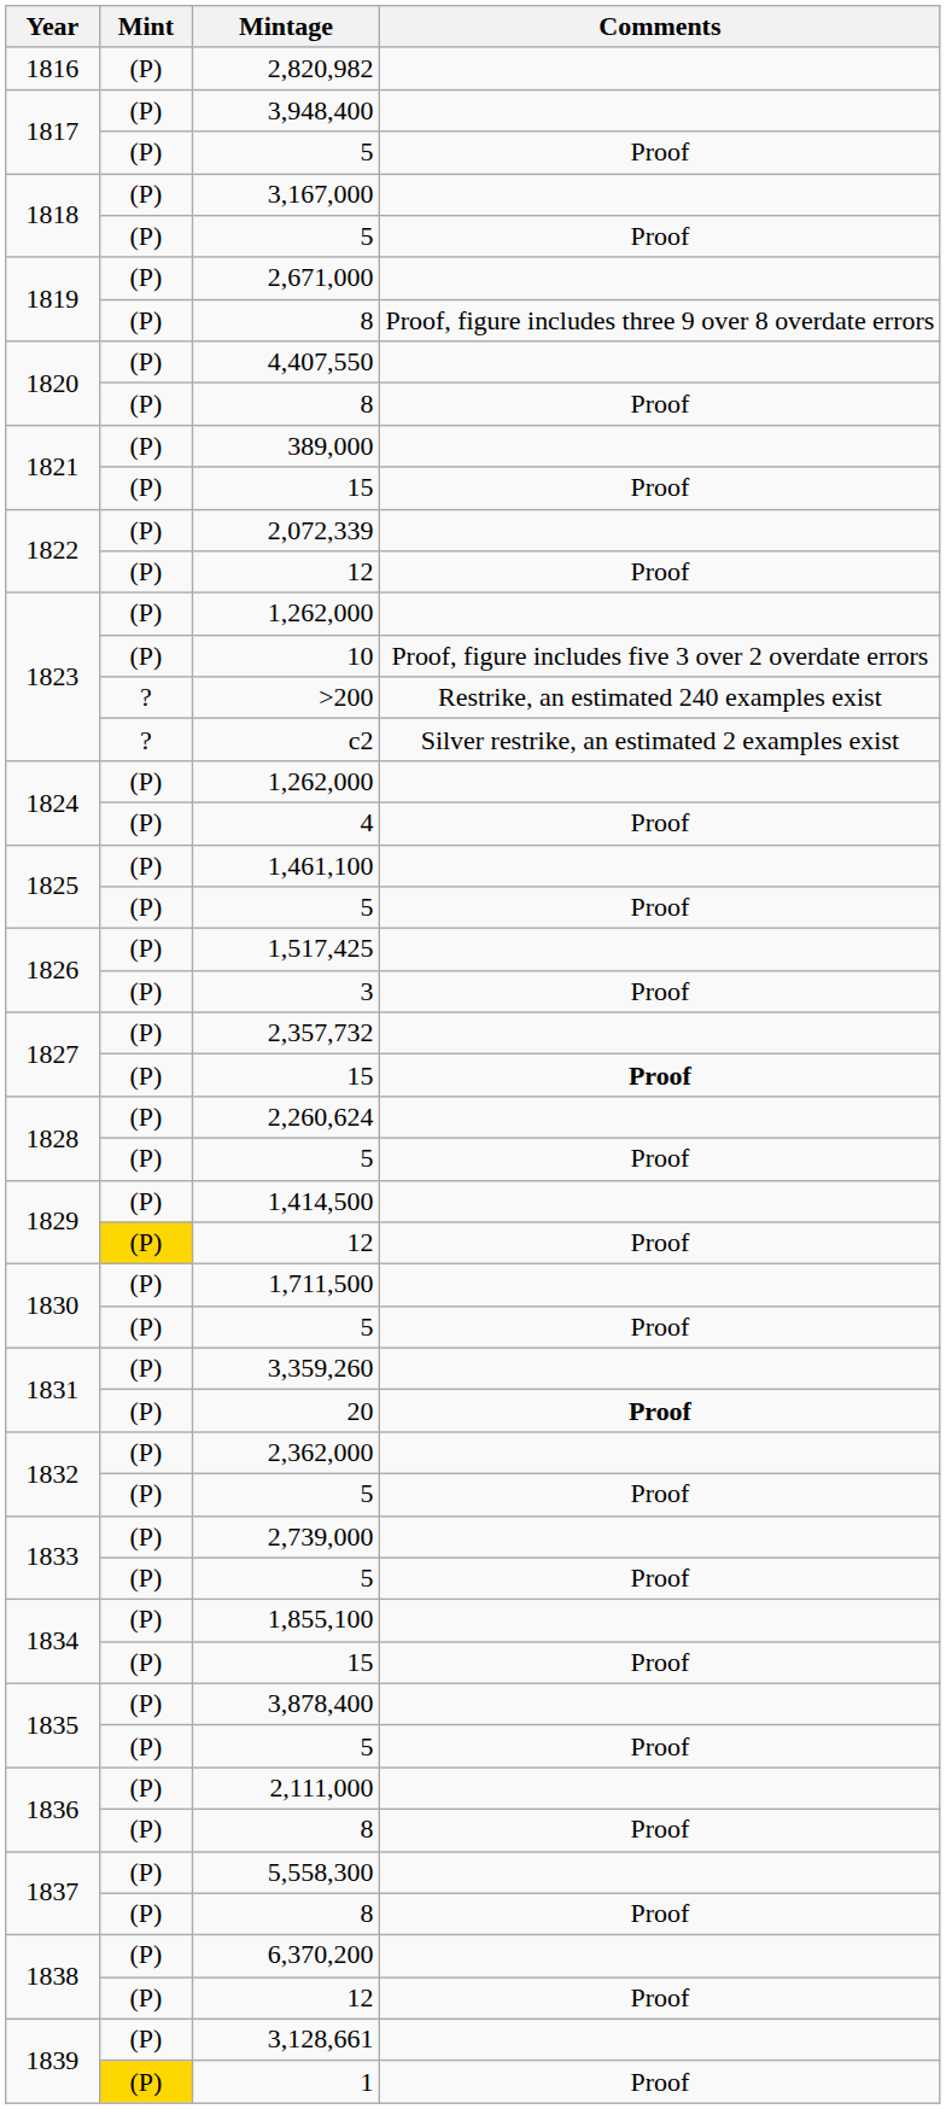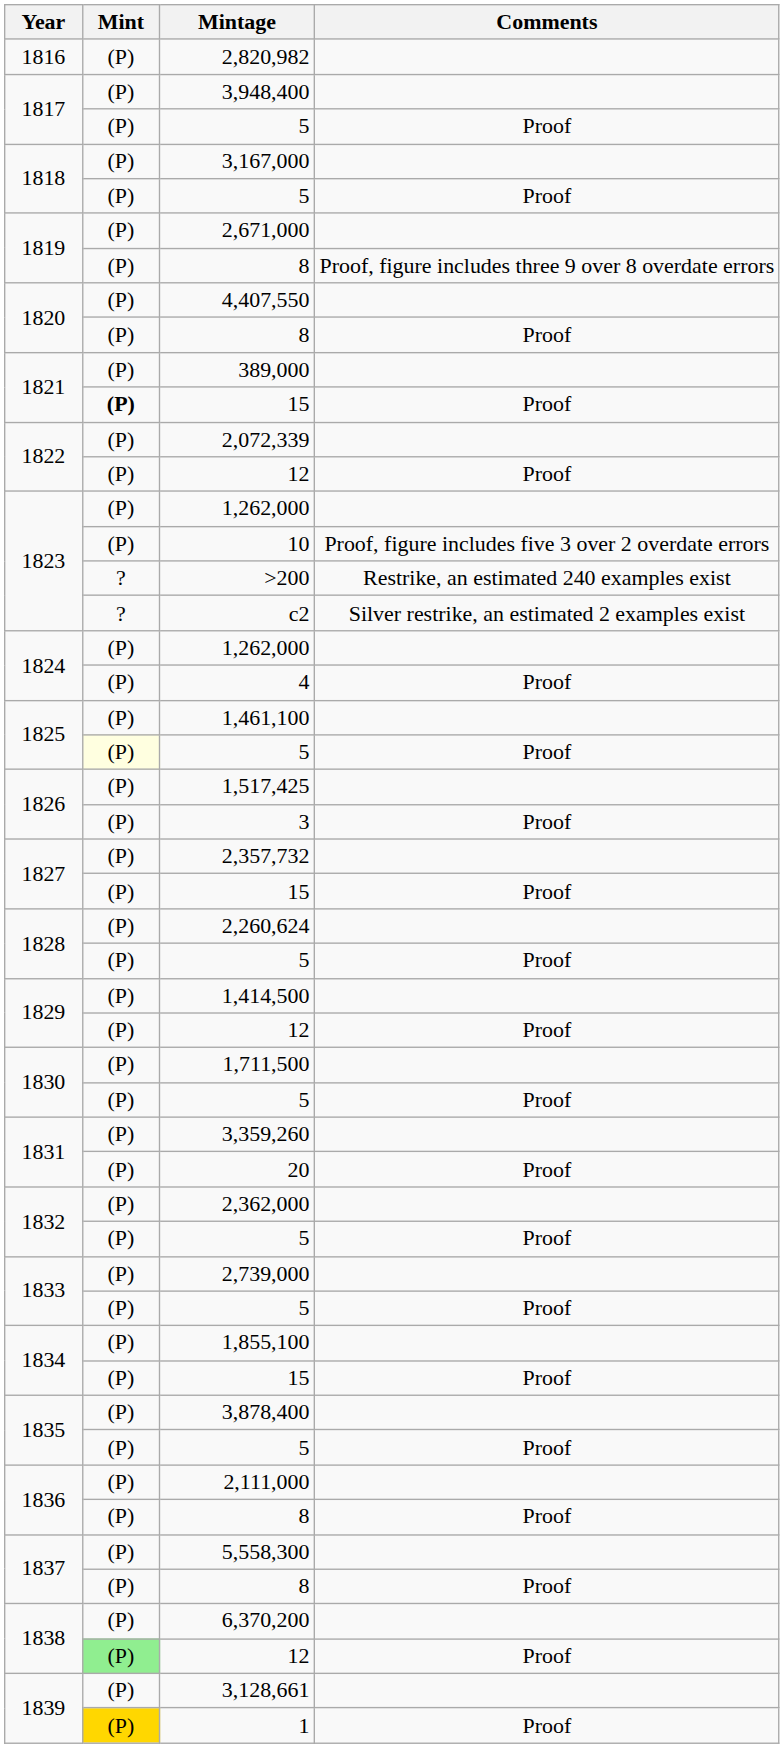 <table class="wikitable sortable" style="min-width:65%; text-align:center;">
 <tr>
 <th width="10%">Year</th>
 <th width="10%">Mint</th>
 <th width="20%">Mintage</th>
 <th width="60%">Comments</th>
 </tr>
 <tr>
 <td>1816</td>
 <td>(P)</td>
 <td align="right">2,820,982</td>
 <td></td>
 </tr>
 <tr>
 <td rowspan="2">1817</td>
 <td>(P)</td>
 <td align="right">3,948,400</td>
 <td></td>
 </tr>
 <tr>
 <td>(P)</td>
 <td align="right">5</td>
 <td>Proof</td>
 </tr>
 <tr>
 <td rowspan="2">1818</td>
 <td>(P)</td>
 <td align="right">3,167,000</td>
 <td></td>
 </tr>
 <tr>
 <td>(P)</td>
 <td align="right">5</td>
 <td>Proof</td>
 </tr>
 <tr>
 <td rowspan="2">1819</td>
 <td>(P)</td>
 <td align="right">2,671,000</td>
 <td></td>
 </tr>
 <tr>
 <td>(P)</td>
 <td align="right">8</td>
 <td>Proof, figure includes three 9 over 8 overdate errors</td>
 </tr>
 <tr>
 <td rowspan="2">1820</td>
 <td>(P)</td>
 <td align="right">4,407,550</td>
 <td></td>
 </tr>
 <tr>
 <td>(P)</td>
 <td align="right">8</td>
 <td>Proof</td>
 </tr>
 <tr>
 <td rowspan="2">1821</td>
 <td>(P)</td>
 <td align="right">389,000</td>
 <td></td>
 </tr>
 <tr>
-<td>(P)</td>
+<td><strong>(P)</strong></td>
 <td align="right">15</td>
 <td>Proof</td>
 </tr>
 <tr>
 <td rowspan="2">1822</td>
 <td>(P)</td>
 <td align="right">2,072,339</td>
 <td></td>
 </tr>
 <tr>
 <td>(P)</td>
 <td align="right">12</td>
 <td>Proof</td>
 </tr>
 <tr>
 <td rowspan="4">1823</td>
 <td>(P)</td>
 <td align="right">1,262,000</td>
 <td></td>
 </tr>
 <tr>
 <td>(P)</td>
 <td align="right">10</td>
 <td>Proof, figure includes five 3 over 2 overdate errors</td>
 </tr>
 <tr>
 <td>?</td>
 <td align="right">>200</td>
 <td>Restrike, an estimated 240 examples exist</td>
 </tr>
 <tr>
 <td>?</td>
 <td align="right">c2</td>
 <td>Silver restrike, an estimated 2 examples exist</td>
 </tr>
 <tr>
 <td rowspan="2">1824</td>
 <td>(P)</td>
 <td align="right">1,262,000</td>
 <td></td>
 </tr>
 <tr>
 <td>(P)</td>
 <td align="right">4</td>
 <td>Proof</td>
 </tr>
 <tr>
 <td rowspan="2">1825</td>
 <td>(P)</td>
 <td align="right">1,461,100</td>
 <td></td>
 </tr>
 <tr>
-<td>(P)</td>
+<td style="background: lightyellow;">(P)</td>
 <td align="right">5</td>
 <td>Proof</td>
 </tr>
 <tr>
 <td rowspan="2">1826</td>
 <td>(P)</td>
 <td align="right">1,517,425</td>
 <td></td>
 </tr>
 <tr>
 <td>(P)</td>
 <td align="right">3</td>
 <td>Proof</td>
 </tr>
 <tr>
 <td rowspan="2">1827</td>
 <td>(P)</td>
 <td align="right">2,357,732</td>
 <td></td>
 </tr>
 <tr>
 <td>(P)</td>
 <td align="right">15</td>
-<td><strong>Proof</strong></td>
+<td>Proof</td>
 </tr>
 <tr>
 <td rowspan="2">1828</td>
 <td>(P)</td>
 <td align="right">2,260,624</td>
 <td></td>
 </tr>
 <tr>
 <td>(P)</td>
 <td align="right">5</td>
 <td>Proof</td>
 </tr>
 <tr>
 <td rowspan="2">1829</td>
 <td>(P)</td>
 <td align="right">1,414,500</td>
 <td></td>
 </tr>
 <tr>
-<td style="background: gold;">(P)</td>
+<td>(P)</td>
 <td align="right">12</td>
 <td>Proof</td>
 </tr>
 <tr>
 <td rowspan="2">1830</td>
 <td>(P)</td>
 <td align="right">1,711,500</td>
 <td></td>
 </tr>
 <tr>
 <td>(P)</td>
 <td align="right">5</td>
 <td>Proof</td>
 </tr>
 <tr>
 <td rowspan="2">1831</td>
 <td>(P)</td>
 <td align="right">3,359,260</td>
 <td></td>
 </tr>
 <tr>
 <td>(P)</td>
 <td align="right">20</td>
-<td><strong>Proof</strong></td>
+<td>Proof</td>
 </tr>
 <tr>
 <td rowspan="2">1832</td>
 <td>(P)</td>
 <td align="right">2,362,000</td>
 <td></td>
 </tr>
 <tr>
 <td>(P)</td>
 <td align="right">5</td>
 <td>Proof</td>
 </tr>
 <tr>
 <td rowspan="2">1833</td>
 <td>(P)</td>
 <td align="right">2,739,000</td>
 <td></td>
 </tr>
 <tr>
 <td>(P)</td>
 <td align="right">5</td>
 <td>Proof</td>
 </tr>
 <tr>
 <td rowspan="2">1834</td>
 <td>(P)</td>
 <td align="right">1,855,100</td>
 <td></td>
 </tr>
 <tr>
 <td>(P)</td>
 <td align="right">15</td>
 <td>Proof</td>
 </tr>
 <tr>
 <td rowspan="2">1835</td>
 <td>(P)</td>
 <td align="right">3,878,400</td>
 <td></td>
 </tr>
 <tr>
 <td>(P)</td>
 <td align="right">5</td>
 <td>Proof</td>
 </tr>
 <tr>
 <td rowspan="2">1836</td>
 <td>(P)</td>
 <td align="right">2,111,000</td>
 <td></td>
 </tr>
 <tr>
 <td>(P)</td>
 <td align="right">8</td>
 <td>Proof</td>
 </tr>
 <tr>
 <td rowspan="2">1837</td>
 <td>(P)</td>
 <td align="right">5,558,300</td>
 <td></td>
 </tr>
 <tr>
 <td>(P)</td>
 <td align="right">8</td>
 <td>Proof</td>
 </tr>
 <tr>
 <td rowspan="2">1838</td>
 <td>(P)</td>
 <td align="right">6,370,200</td>
 <td></td>
 </tr>
 <tr>
-<td>(P)</td>
+<td style="background: lightgreen;">(P)</td>
 <td align="right">12</td>
 <td>Proof</td>
 </tr>
 <tr>
 <td rowspan="2">1839</td>
 <td>(P)</td>
 <td align="right">3,128,661</td>
 <td></td>
 </tr>
 <tr>
 <td style="background: gold;">(P)</td>
 <td align="right">1</td>
 <td>Proof</td>
 </tr>
 </table>
